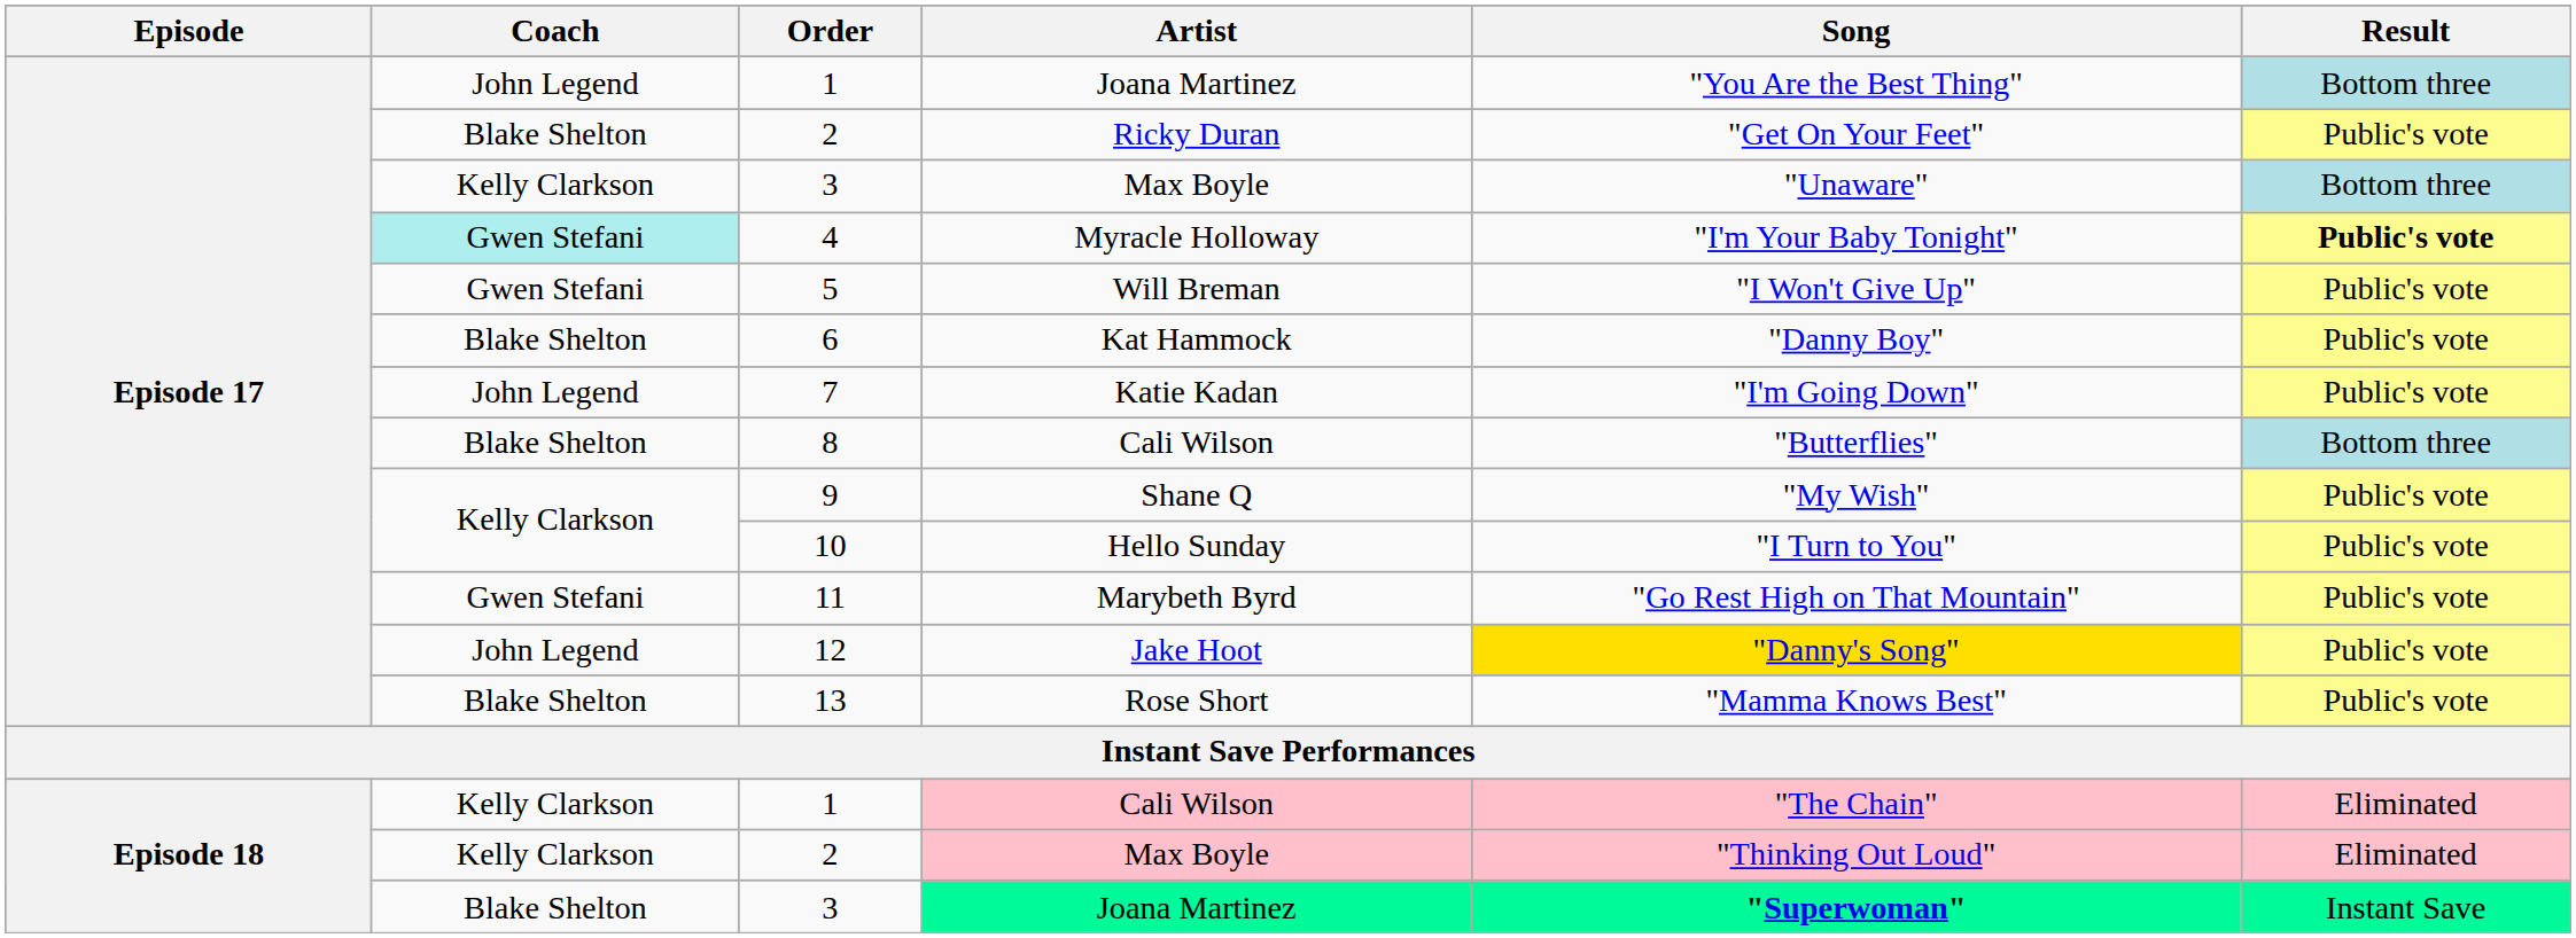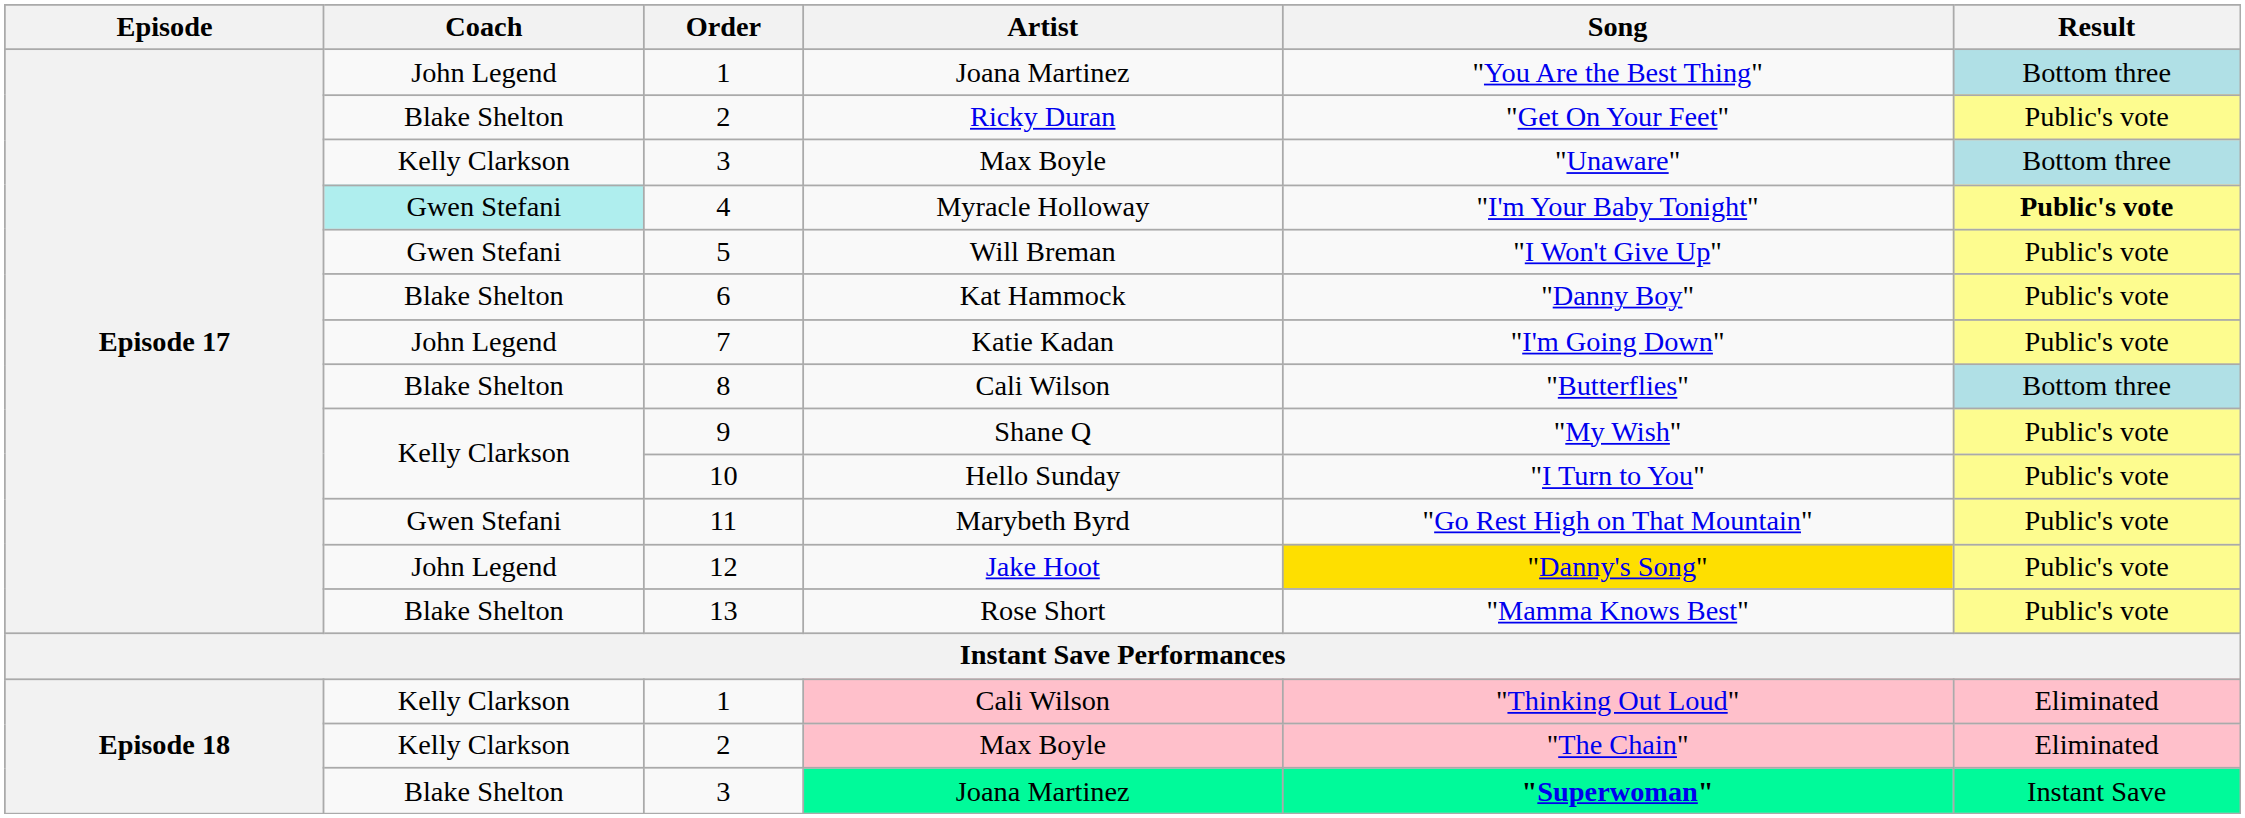 <table class="wikitable" style="text-align:center; width:100%;">
 <tr>
 <th style="width:10%;">Episode</th>
 <th style="width:10%;">Coach</th>
 <th style="width:05%;">Order</th>
 <th style="width:15%;">Artist</th>
 <th style="width:21%;">Song</th>
 <th style="width:9%;">Result</th>
 </tr>
 <tr>
 <th rowspan="13" scope="row">Episode 17 <br><small></small></th>
 <td>John Legend</td>
 <td>1</td>
 <td>Joana Martinez</td>
 <td>"<a href='#'>You Are the Best Thing</a>"</td>
 <td style="background:#b0e0e6;">Bottom three</td>
 </tr>
 <tr>
 <td>Blake Shelton</td>
 <td>2</td>
 <td><a href='#'>Ricky Duran</a></td>
 <td>"<a href='#'>Get On Your Feet</a>"</td>
 <td style="background:#fdfc8f;">Public's vote</td>
 </tr>
 <tr>
 <td>Kelly Clarkson</td>
 <td>3</td>
 <td>Max Boyle</td>
 <td>"<a href='#'>Unaware</a>"</td>
 <td style="background:#b0e0e6;">Bottom three</td>
 </tr>
 <tr>
 <td style="background: paleturquoise;">Gwen Stefani</td>
 <td>4</td>
 <td>Myracle Holloway</td>
 <td>"<a href='#'>I'm Your Baby Tonight</a>"</td>
 <td style="background:#fdfc8f;"><strong>Public's vote</strong></td>
 </tr>
 <tr>
 <td>Gwen Stefani</td>
 <td>5</td>
 <td>Will Breman</td>
 <td>"<a href='#'>I Won't Give Up</a>"</td>
 <td style="background:#fdfc8f;">Public's vote</td>
 </tr>
 <tr>
 <td>Blake Shelton</td>
 <td>6</td>
 <td>Kat Hammock</td>
 <td>"<a href='#'>Danny Boy</a>"</td>
 <td style="background:#fdfc8f;">Public's vote</td>
 </tr>
 <tr>
 <td>John Legend</td>
 <td>7</td>
 <td>Katie Kadan</td>
 <td>"<a href='#'>I'm Going Down</a>"</td>
 <td style="background:#fdfc8f;">Public's vote</td>
 </tr>
 <tr>
 <td>Blake Shelton</td>
 <td>8</td>
 <td>Cali Wilson</td>
 <td>"<a href='#'>Butterflies</a>"</td>
 <td style="background:#b0e0e6;">Bottom three</td>
 </tr>
 <tr>
 <td rowspan="2">Kelly Clarkson</td>
 <td>9</td>
 <td>Shane Q</td>
 <td>"<a href='#'>My Wish</a>"</td>
 <td style="background:#fdfc8f;">Public's vote</td>
 </tr>
 <tr>
 <td>10</td>
 <td>Hello Sunday</td>
 <td>"<a href='#'>I Turn to You</a>"</td>
 <td style="background:#fdfc8f;">Public's vote</td>
 </tr>
 <tr>
 <td>Gwen Stefani</td>
 <td>11</td>
 <td>Marybeth Byrd</td>
 <td>"<a href='#'>Go Rest High on That Mountain</a>"</td>
 <td style="background:#fdfc8f;">Public's vote</td>
 </tr>
 <tr>
 <td>John Legend</td>
 <td>12</td>
 <td><a href='#'>Jake Hoot</a></td>
 <td style="background:#fedf00;">"<a href='#'>Danny's Song</a>"</td>
 <td style="background:#fdfc8f;">Public's vote</td>
 </tr>
 <tr>
 <td>Blake Shelton</td>
 <td>13</td>
 <td>Rose Short</td>
 <td>"<a href='#'>Mamma Knows Best</a>"</td>
 <td style="background:#fdfc8f;">Public's vote</td>
 </tr>
 <tr>
 <th colspan="6">Instant Save Performances</th>
 </tr>
 <tr>
 <th rowspan=3>Episode 18<br><small></small></th>
 <td>Kelly Clarkson</td>
 <td>1</td>
 <td style="background:pink">Cali Wilson</td>
-<td style="background:pink">"<a href='#'>The Chain</a>"</td>
+<td style="background:pink">"<a href='#'>Thinking Out Loud</a>"</td>
 <td style="background:pink">Eliminated</td>
 </tr>
 <tr>
 <td>Kelly Clarkson</td>
 <td>2</td>
 <td style="background:pink">Max Boyle</td>
-<td style="background:pink">"<a href='#'>Thinking Out Loud</a>"</td>
+<td style="background:pink">"<a href='#'>The Chain</a>"</td>
 <td style="background:pink">Eliminated</td>
 </tr>
 <tr>
 <td>Blake Shelton</td>
 <td>3</td>
 <td style="background:#00fa9a;">Joana Martinez</td>
 <td style="background:#00fa9a;"><strong>"<a href='#'>Superwoman</a>"</strong></td>
 <td style="background:#00fa9a;">Instant Save</td>
 </tr>
 <tr>
 </tr>
 </table>
